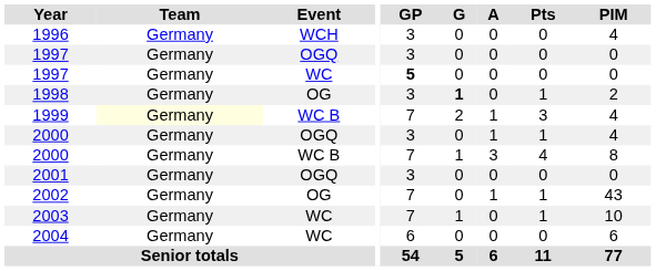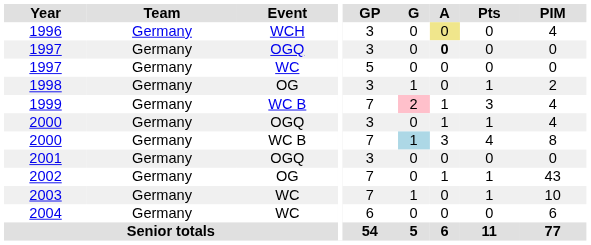 <table border="0" cellpadding="1" cellspacing="0" ID="Table3" style="text-align:center; width:40em">
 <tr ALIGN="center" bgcolor="#e0e0e0">
 <th>Year</th>
 <th>Team</th>
 <th>Event</th>
 <th rowspan="99" bgcolor="#ffffff"></th>
 <th>GP</th>
 <th>G</th>
 <th>A</th>
 <th>Pts</th>
 <th>PIM</th>
 </tr>
 <tr>
 <td><a href='#'>1996</a></td>
 <td><a href='#'>Germany</a></td>
 <td><a href='#'>WCH</a></td>
 <td>3</td>
 <td>0</td>
-<td>0</td>
+<td style="background: khaki;">0</td>
 <td>0</td>
 <td>4</td>
 </tr>
 <tr bgcolor="#f0f0f0">
 <td><a href='#'>1997</a></td>
 <td>Germany</td>
 <td><a href='#'>OGQ</a></td>
 <td>3</td>
 <td>0</td>
-<td>0</td>
+<td><strong>0</strong></td>
 <td>0</td>
 <td>0</td>
 </tr>
 <tr>
 <td><a href='#'>1997</a></td>
 <td>Germany</td>
 <td><a href='#'>WC</a></td>
-<td><strong>5</strong></td>
+<td>5</td>
 <td>0</td>
 <td>0</td>
 <td>0</td>
 <td>0</td>
 </tr>
 <tr bgcolor="#f0f0f0">
 <td><a href='#'>1998</a></td>
 <td>Germany</td>
 <td>OG</td>
 <td>3</td>
-<td><strong>1</strong></td>
+<td>1</td>
 <td>0</td>
 <td>1</td>
 <td>2</td>
 </tr>
 <tr>
 <td><a href='#'>1999</a></td>
-<td style="background: lightyellow;">Germany</td>
+<td>Germany</td>
 <td><a href='#'>WC B</a></td>
 <td>7</td>
-<td>2</td>
+<td style="background: pink;">2</td>
 <td>1</td>
 <td>3</td>
 <td>4</td>
 </tr>
 <tr bgcolor="#f0f0f0">
 <td><a href='#'>2000</a></td>
 <td>Germany</td>
 <td>OGQ</td>
 <td>3</td>
 <td>0</td>
 <td>1</td>
 <td>1</td>
 <td>4</td>
 </tr>
 <tr>
 <td><a href='#'>2000</a></td>
 <td>Germany</td>
 <td>WC B</td>
 <td>7</td>
-<td>1</td>
+<td style="background: lightblue;">1</td>
 <td>3</td>
 <td>4</td>
 <td>8</td>
 </tr>
 <tr bgcolor="#f0f0f0">
 <td><a href='#'>2001</a></td>
 <td>Germany</td>
 <td>OGQ</td>
 <td>3</td>
 <td>0</td>
 <td>0</td>
 <td>0</td>
 <td>0</td>
 </tr>
 <tr>
 <td><a href='#'>2002</a></td>
 <td>Germany</td>
 <td>OG</td>
 <td>7</td>
 <td>0</td>
 <td>1</td>
 <td>1</td>
 <td>43</td>
 </tr>
 <tr bgcolor="#f0f0f0">
 <td><a href='#'>2003</a></td>
 <td>Germany</td>
 <td>WC</td>
 <td>7</td>
 <td>1</td>
 <td>0</td>
 <td>1</td>
 <td>10</td>
 </tr>
 <tr>
 <td><a href='#'>2004</a></td>
 <td>Germany</td>
 <td>WC</td>
 <td>6</td>
 <td>0</td>
 <td>0</td>
 <td>0</td>
 <td>6</td>
 </tr>
 <tr bgcolor="#e0e0e0">
 <th colspan="3">Senior totals</th>
 <th>54</th>
 <th>5</th>
 <th>6</th>
 <th>11</th>
 <th>77</th>
 </tr>
 </table>
